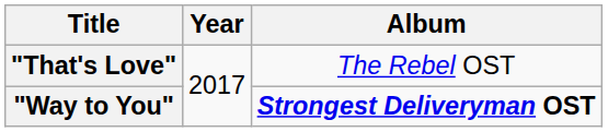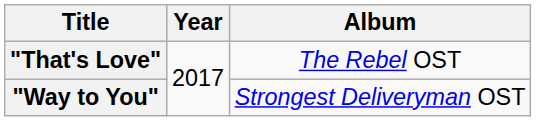 <table class="wikitable plainrowheaders" style="text-align:center">
 <tr>
 <th scope="col">Title</th>
 <th scope="col">Year</th>
 <th scope="col">Album</th>
 </tr>
 <tr>
 <th scope="row">"That's Love"</th>
 <td rowspan="2">2017</td>
 <td><em><a href='#'>The Rebel</a></em> OST</td>
 </tr>
 <tr>
 <th scope="row">"Way to You"</th>
-<td><strong><em><a href='#'>Strongest Deliveryman</a></em> OST</strong></td>
+<td><em><a href='#'>Strongest Deliveryman</a></em> OST</td>
 </tr>
 </table>
